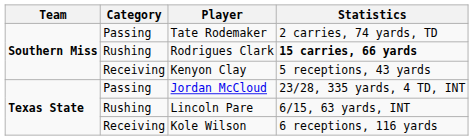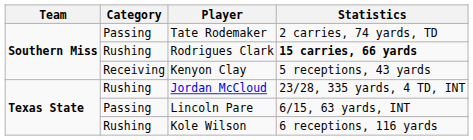 <table class="wikitable" style="float: right;">
 <tr>
 <th>Team</th>
 <th>Category</th>
 <th>Player</th>
 <th>Statistics</th>
 </tr>
 <tr>
 <td rowspan=3><strong>Southern Miss</strong></td>
 <td>Passing</td>
 <td>Tate Rodemaker</td>
 <td>2 carries, 74 yards, TD</td>
 </tr>
 <tr>
 <td>Rushing</td>
 <td>Rodrigues Clark</td>
 <td><strong>15 carries, 66 yards</strong></td>
 </tr>
 <tr>
 <td>Receiving</td>
 <td>Kenyon Clay</td>
 <td>5 receptions, 43 yards</td>
 </tr>
 <tr>
 <td rowspan=3><strong>Texas State</strong></td>
-<td>Passing</td>
+<td>Rushing</td>
 <td><a href='#'>Jordan McCloud</a></td>
 <td>23/28, 335 yards, 4 TD, INT</td>
 </tr>
 <tr>
-<td>Rushing</td>
+<td>Passing</td>
 <td>Lincoln Pare</td>
 <td>6/15, 63 yards, INT</td>
 </tr>
 <tr>
-<td>Receiving</td>
+<td>Rushing</td>
 <td>Kole Wilson</td>
 <td>6 receptions, 116 yards</td>
 </tr>
 </table>
